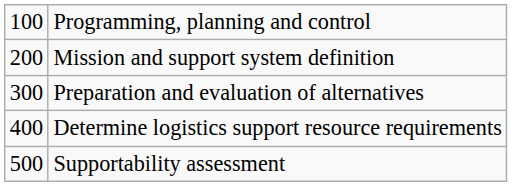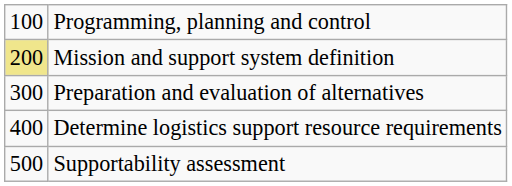 <table class="wikitable">
 <tr>
 <td>100</td>
 <td>Programming, planning and control</td>
 </tr>
 <tr>
-<td>200</td>
+<td style="background: khaki;">200</td>
 <td>Mission and support system definition</td>
 </tr>
 <tr>
 <td>300</td>
 <td>Preparation and evaluation of alternatives</td>
 </tr>
 <tr>
 <td>400</td>
 <td>Determine logistics support resource requirements</td>
 </tr>
 <tr>
 <td>500</td>
 <td>Supportability assessment</td>
 </tr>
 </table>
